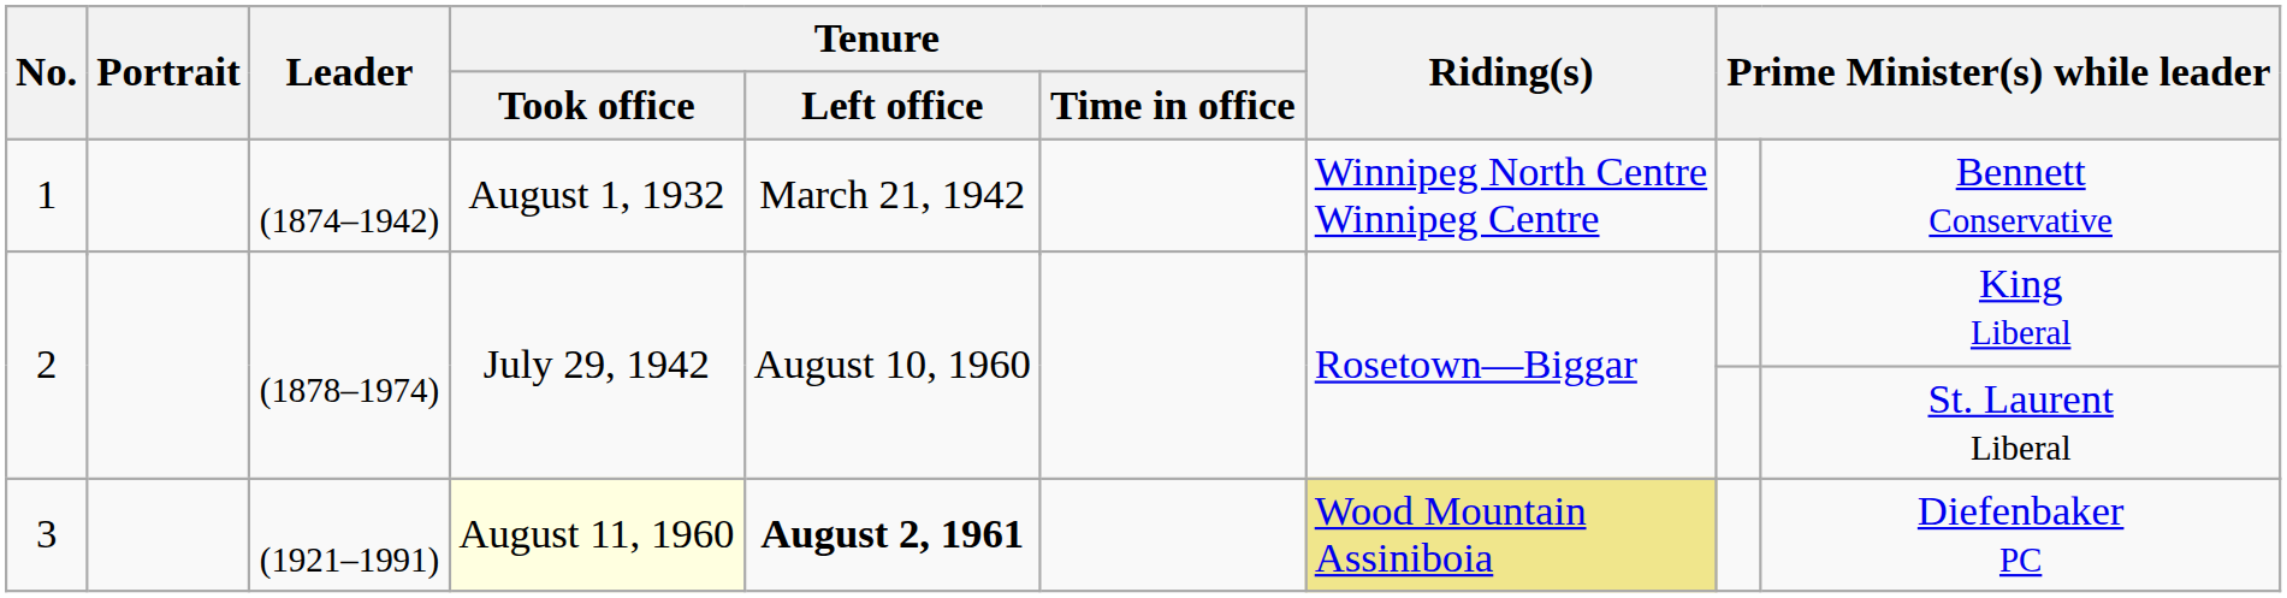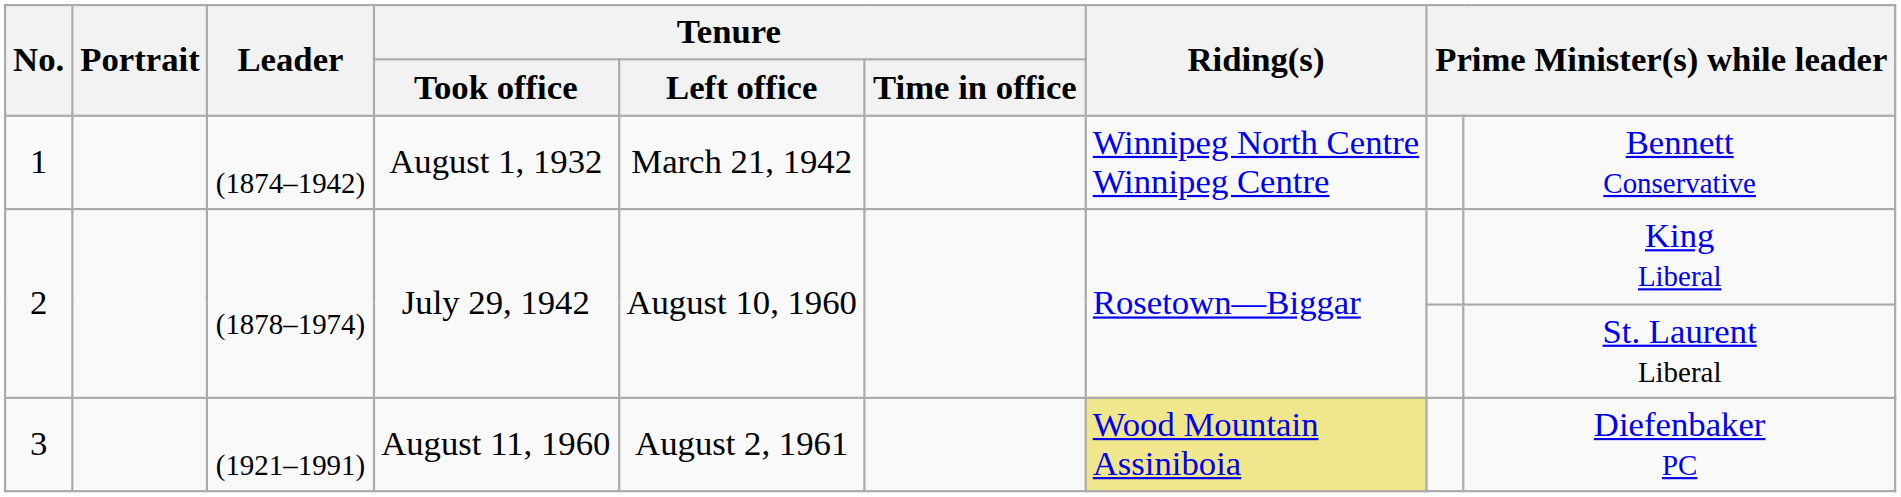 <table class="wikitable" style="text-align:center">
 <tr>
 <th rowspan="2">No.</th>
 <th rowspan="2">Portrait</th>
 <th rowspan="2">Leader</th>
 <th colspan="3">Tenure</th>
 <th rowspan="2">Riding(s)</th>
 <th rowspan="2" colspan="2">Prime Minister(s) while leader</th>
 </tr>
 <tr>
 <th>Took office</th>
 <th>Left office</th>
 <th>Time in office</th>
 </tr>
 <tr>
 <td rowspan="2">1</td>
 <td rowspan="2"></td>
 <td rowspan="2"><br><small>(1874–1942)</small></td>
 <td rowspan="2">August 1, 1932</td>
 <td rowspan="2">March 21, 1942</td>
 <td rowspan="2"></td>
 <td rowspan="2" style="text-align:left"><a href='#'>Winnipeg North Centre</a>  <br> <a href='#'>Winnipeg Centre</a> </td>
 <td style="background-color: "></td>
 <td style="font-weight:normal; height:30px;"><a href='#'>Bennett</a> <small> <br> <a href='#'>Conservative</a></small></td>
 </tr>
 <tr>
 <td rowspan="2" style="background-color: "></td>
 <td rowspan="2" style="font-weight:normal; height:30px;"><a href='#'>King</a> <small> <br> <a href='#'>Liberal</a></small></td>
 </tr>
 <tr>
 <td rowspan="3">2</td>
 <td rowspan="3"></td>
 <td rowspan="3"><br><small>(1878–1974)</small></td>
 <td rowspan="3">July 29, 1942</td>
 <td rowspan="3">August 10, 1960</td>
 <td rowspan="3"></td>
 <td rowspan="3" style="text-align:left"><a href='#'>Rosetown—Biggar</a></td>
 </tr>
 <tr>
 <td style="background-color: "></td>
 <td style="font-weight:normal; height:30px;"><a href='#'>St. Laurent</a> <small> <br> Liberal</small></td>
 </tr>
 <tr>
 <td rowspan="2" style="background-color: "></td>
 <td rowspan="2" style="font-weight:normal; height:30px;"><a href='#'>Diefenbaker</a> <small> <br> <a href='#'>PC</a> </small></td>
 </tr>
 <tr>
 <td>3</td>
 <td></td>
 <td><br><small>(1921–1991)</small></td>
-<td style="background: lightyellow;">August 11, 1960</td>
-<td><strong>August 2, 1961</strong></td>
+<td>August 11, 1960</td>
+<td>August 2, 1961</td>
 <td></td>
 <td style="background: khaki; text-align:left"><a href='#'>Wood Mountain</a>  <br> <a href='#'>Assiniboia</a> </td>
 </tr>
 </table>
